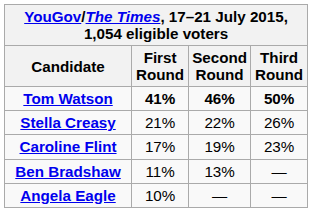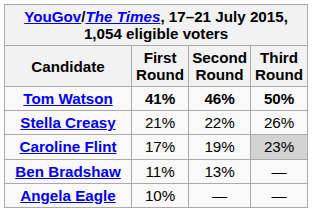 <table class="wikitable" style="text-align:center; font-size:95%">
 <tr>
 <th colspan="4"><a href='#'>YouGov</a>/<em><a href='#'>The Times</a></em>, 17–21 July 2015, <br> 1,054 eligible voters</th>
 </tr>
 <tr>
 <th style="width:120px;">Candidate</th>
 <th style="width:50px;">First <br> Round</th>
 <th style="width:50px;">Second Round</th>
 <th style="width:50px;">Third <br> Round</th>
 </tr>
 <tr>
 <td><strong><a href='#'>Tom Watson</a></strong></td>
 <td><strong>41%</strong></td>
 <td><strong>46%</strong></td>
 <td><strong>50%</strong></td>
 </tr>
 <tr>
 <td><strong><a href='#'>Stella Creasy</a></strong></td>
 <td style="text-align:center;">21%</td>
 <td style="text-align:center;">22%</td>
 <td style="text-align:center; width:50px;">26%</td>
 </tr>
 <tr>
 <td><strong><a href='#'>Caroline Flint</a></strong></td>
 <td style="text-align:center;">17%</td>
 <td style="text-align:center;">19%</td>
-<td style="text-align:center; width:50px;">23%</td>
+<td style="background: lightgrey; text-align:center; width:50px;">23%</td>
 </tr>
 <tr>
 <td><strong><a href='#'>Ben Bradshaw</a></strong></td>
 <td style="text-align:center;">11%</td>
 <td style="text-align:center;">13%</td>
 <td style="text-align:center; width:50px;">—</td>
 </tr>
 <tr>
 <td><strong><a href='#'>Angela Eagle</a></strong></td>
 <td style="text-align:center;">10%</td>
 <td style="text-align:center;">—</td>
 <td style="text-align:center; width:50px;">—</td>
 </tr>
 </table>
